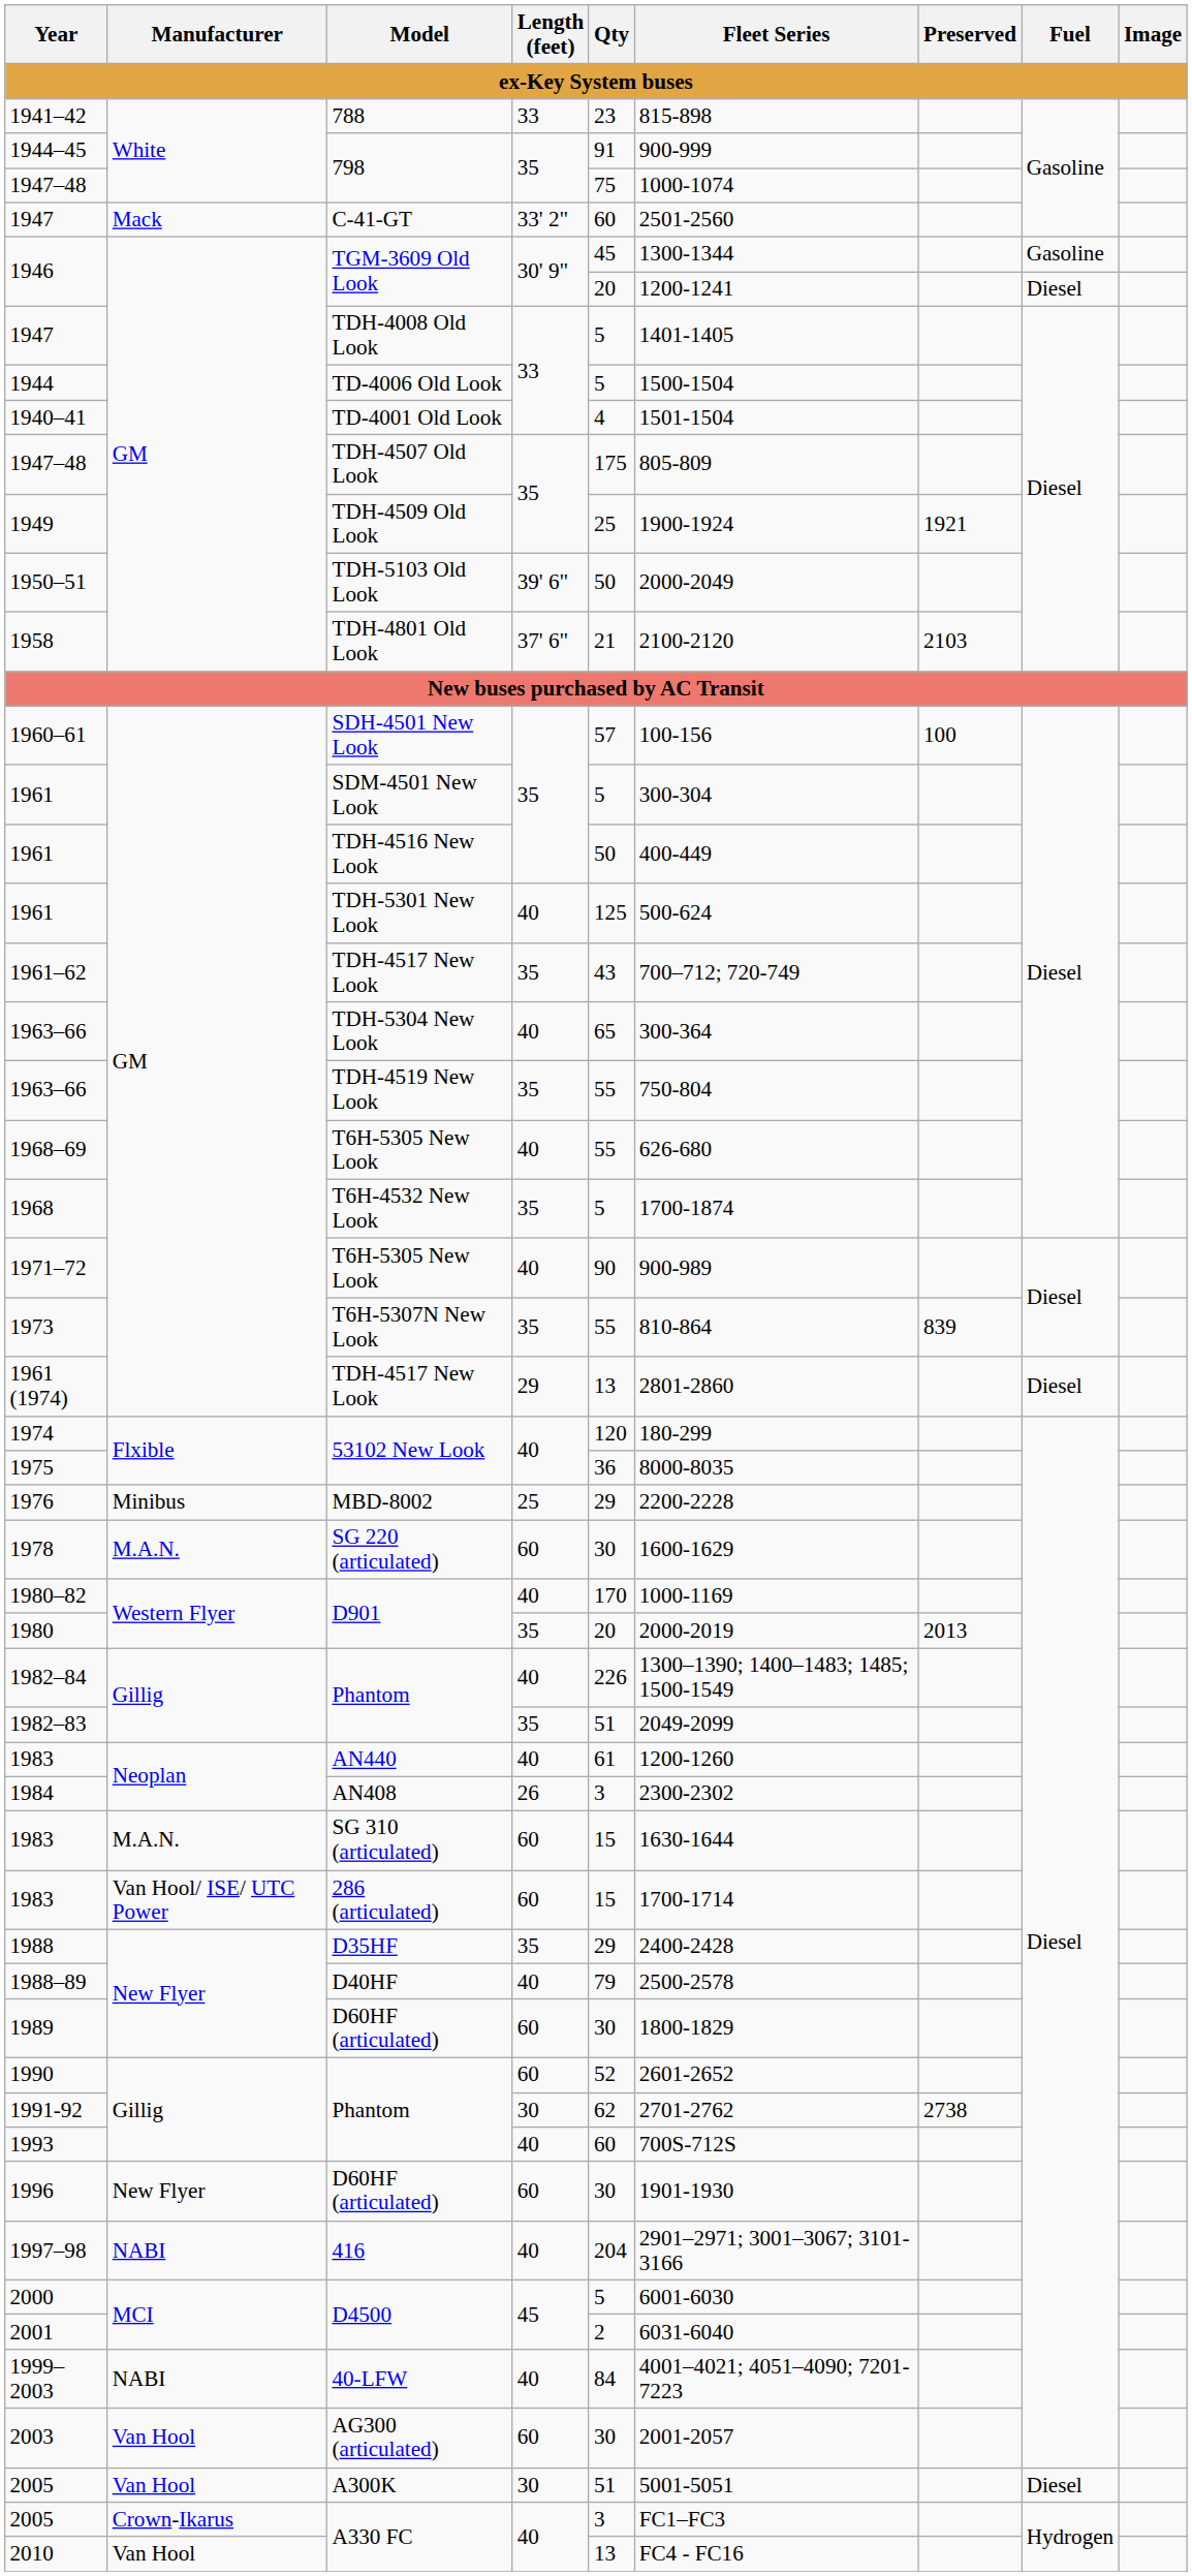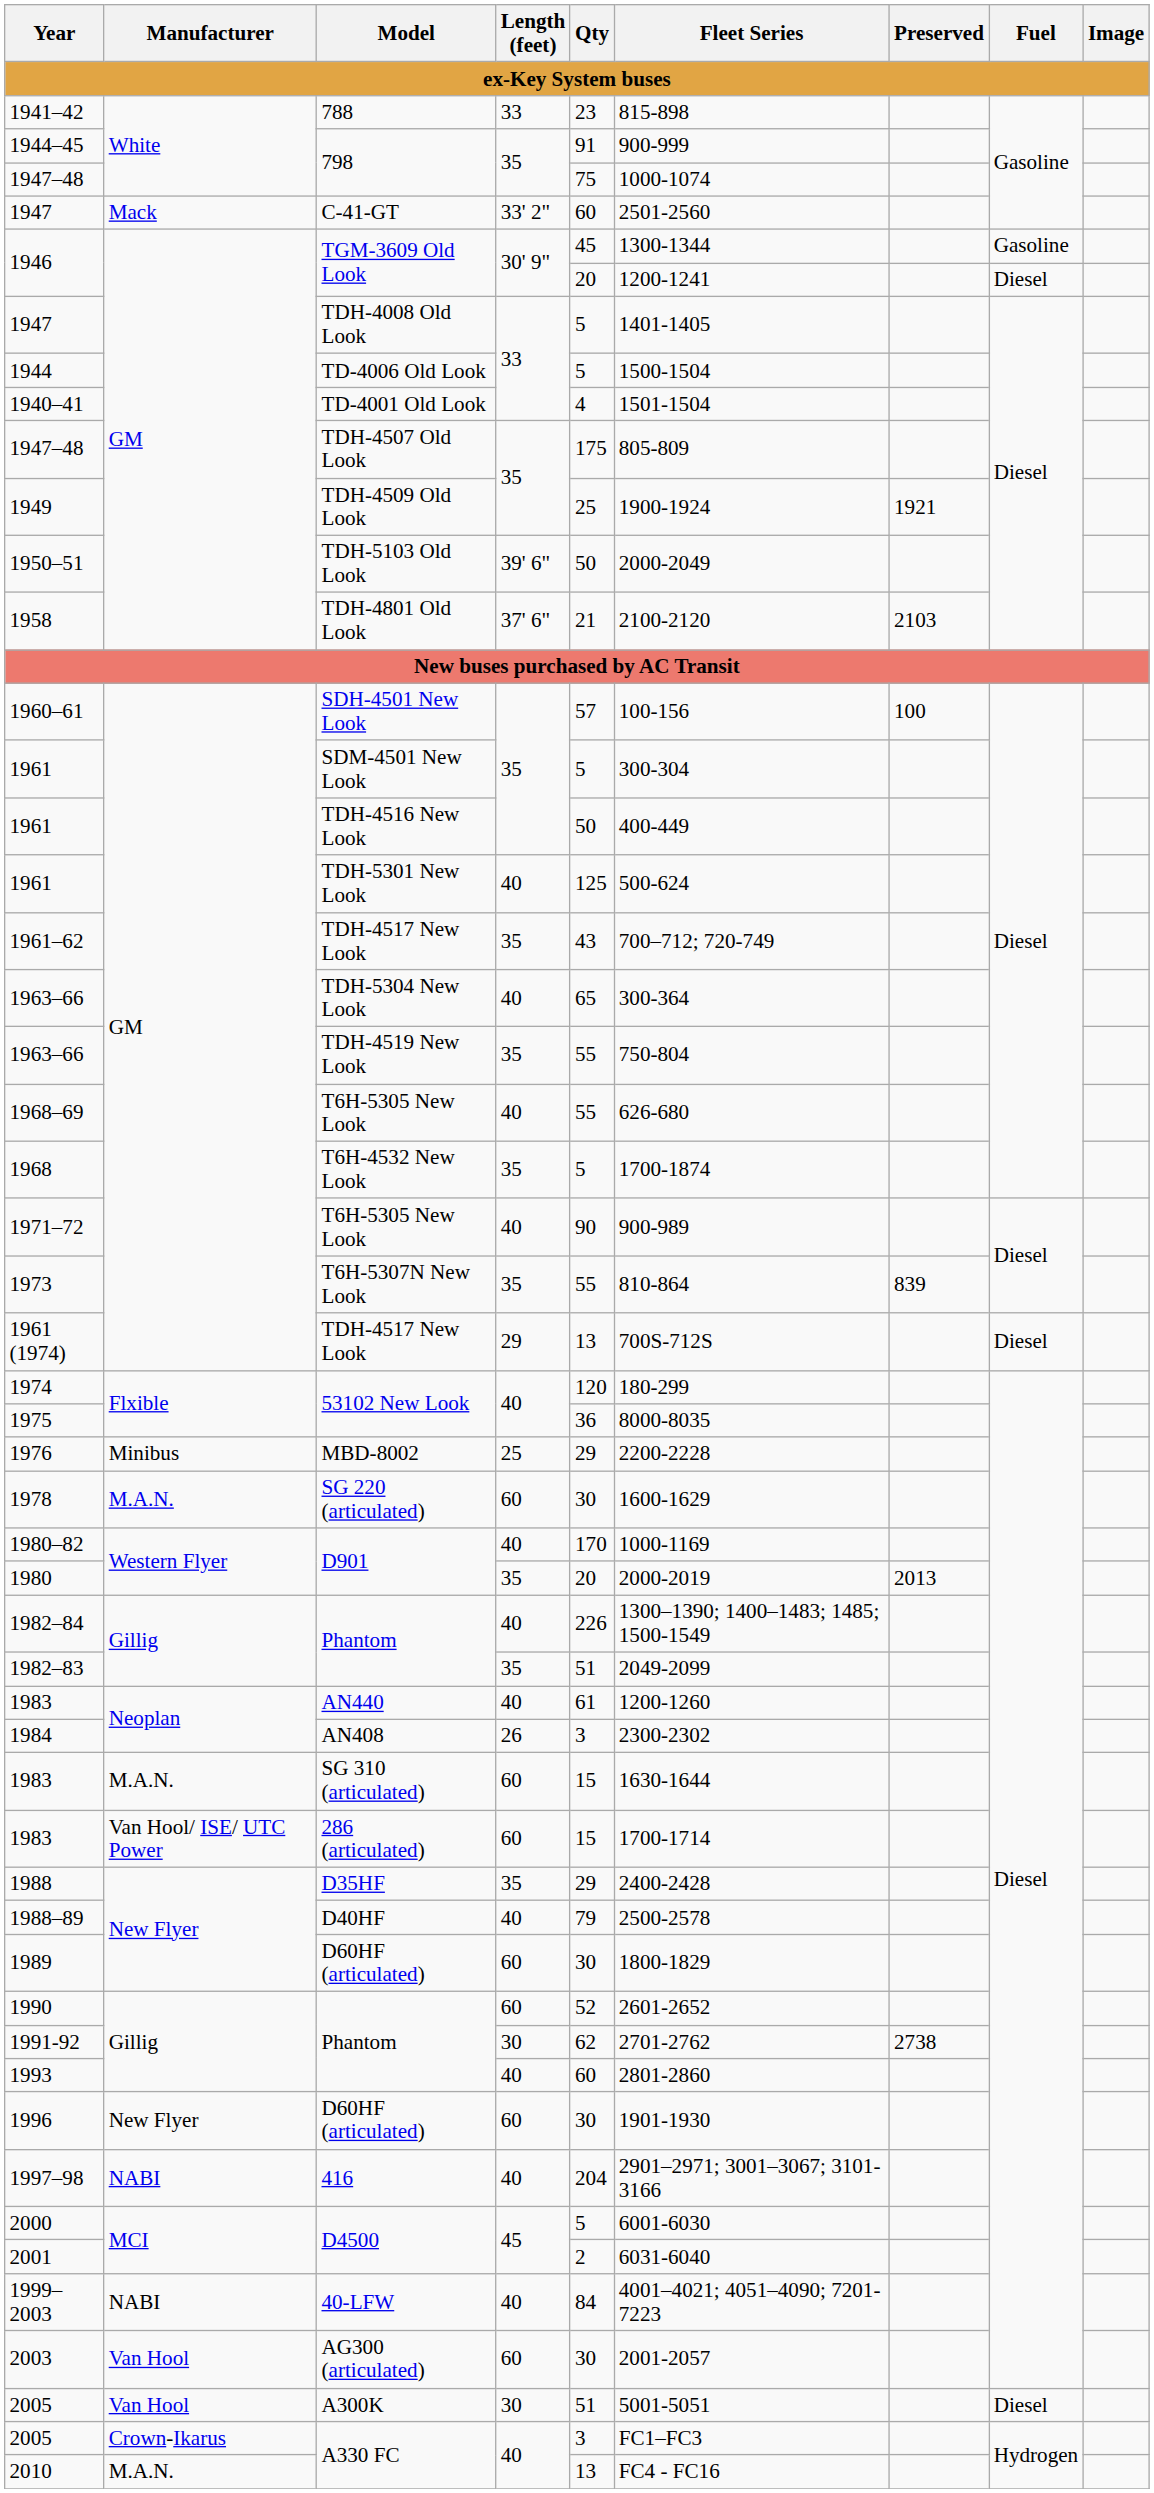 <table class= "wikitable sortable">
 <tr>
 <th>Year</th>
 <th>Manufacturer</th>
 <th>Model</th>
 <th>Length<br>(feet)</th>
 <th>Qty</th>
 <th>Fleet Series</th>
 <th>Preserved</th>
 <th>Fuel</th>
 <th class="unsortable">Image</th>
 </tr>
 <tr>
 <td colspan=9 style="text-align:center;background:#e1a544;"><strong>ex-Key System buses</strong></td>
 </tr>
 <tr>
 <td>1941–42</td>
 <td rowspan=3><a href='#'>White</a></td>
 <td>788</td>
 <td>33</td>
 <td>23</td>
 <td>815-898</td>
 <td></td>
 <td rowspan=4>Gasoline</td>
 <td></td>
 </tr>
 <tr>
 <td>1944–45</td>
 <td rowspan=2>798</td>
 <td rowspan=2>35</td>
 <td>91</td>
 <td>900-999</td>
 <td></td>
 <td></td>
 </tr>
 <tr>
 <td>1947–48</td>
 <td>75</td>
 <td>1000-1074</td>
 <td></td>
 <td></td>
 </tr>
 <tr>
 <td>1947</td>
 <td><a href='#'>Mack</a></td>
 <td>C-41-GT</td>
 <td>33' 2"</td>
 <td>60</td>
 <td>2501-2560</td>
 <td></td>
 <td></td>
 </tr>
 <tr>
 <td rowspan=2>1946</td>
 <td rowspan=9><a href='#'>GM</a></td>
 <td rowspan=2><a href='#'>TGM-3609 Old Look</a></td>
 <td rowspan=2>30' 9"</td>
 <td>45</td>
 <td>1300-1344</td>
 <td></td>
 <td>Gasoline</td>
 <td></td>
 </tr>
 <tr>
 <td>20</td>
 <td>1200-1241</td>
 <td></td>
 <td>Diesel</td>
 <td></td>
 </tr>
 <tr>
 <td>1947</td>
 <td>TDH-4008 Old Look</td>
 <td rowspan=3>33</td>
 <td>5</td>
 <td>1401-1405</td>
 <td></td>
 <td rowspan=7>Diesel</td>
 <td></td>
 </tr>
 <tr>
 <td>1944</td>
 <td>TD-4006 Old Look</td>
 <td>5</td>
 <td>1500-1504</td>
 <td></td>
 <td></td>
 </tr>
 <tr>
 <td>1940–41</td>
 <td>TD-4001 Old Look</td>
 <td>4</td>
 <td>1501-1504</td>
 <td></td>
 <td></td>
 </tr>
 <tr>
 <td>1947–48</td>
 <td>TDH-4507 Old Look</td>
 <td rowspan=2>35</td>
 <td>175</td>
 <td>805-809</td>
 <td></td>
 <td></td>
 </tr>
 <tr>
 <td>1949</td>
 <td>TDH-4509 Old Look</td>
 <td>25</td>
 <td>1900-1924</td>
 <td>1921</td>
 <td></td>
 </tr>
 <tr>
 <td>1950–51</td>
 <td>TDH-5103 Old Look</td>
 <td>39' 6"</td>
 <td>50</td>
 <td>2000-2049</td>
 <td></td>
 <td></td>
 </tr>
 <tr>
 <td>1958</td>
 <td>TDH-4801 Old Look</td>
 <td>37' 6"</td>
 <td>21</td>
 <td>2100-2120</td>
 <td>2103</td>
 <td></td>
 </tr>
 <tr>
 <td colspan=9 style="text-align:center;background:#ed796e;"><strong>New buses purchased by AC Transit</strong></td>
 </tr>
 <tr>
 <td>1960–61</td>
 <td rowspan=12>GM</td>
 <td><a href='#'>SDH-4501 New Look</a></td>
 <td rowspan=3>35</td>
 <td>57</td>
 <td>100-156</td>
 <td>100</td>
 <td rowspan=9>Diesel</td>
 <td></td>
 </tr>
 <tr>
 <td>1961</td>
 <td>SDM-4501 New Look</td>
 <td>5</td>
 <td>300-304</td>
 <td></td>
 <td></td>
 </tr>
 <tr>
 <td>1961</td>
 <td>TDH-4516 New Look</td>
 <td>50</td>
 <td>400-449</td>
 <td></td>
 <td></td>
 </tr>
 <tr>
 <td>1961</td>
 <td>TDH-5301 New Look</td>
 <td>40</td>
 <td>125</td>
 <td>500-624</td>
 <td></td>
 <td></td>
 </tr>
 <tr>
 <td>1961–62</td>
 <td>TDH-4517 New Look</td>
 <td>35</td>
 <td>43</td>
 <td>700–712; 720-749</td>
 <td></td>
 <td></td>
 </tr>
 <tr>
 <td>1963–66</td>
 <td>TDH-5304 New Look</td>
 <td>40</td>
 <td>65</td>
 <td>300-364</td>
 <td></td>
 <td></td>
 </tr>
 <tr>
 <td>1963–66</td>
 <td>TDH-4519 New Look</td>
 <td>35</td>
 <td>55</td>
 <td>750-804</td>
 <td></td>
 <td></td>
 </tr>
 <tr>
 <td>1968–69</td>
 <td>T6H-5305 New Look</td>
 <td>40</td>
 <td>55</td>
 <td>626-680</td>
 <td></td>
 <td></td>
 </tr>
 <tr>
 <td>1968</td>
 <td>T6H-4532 New Look</td>
 <td>35</td>
 <td>5</td>
 <td>1700-1874</td>
 <td></td>
 <td></td>
 </tr>
 <tr>
 <td>1971–72</td>
 <td>T6H-5305 New Look</td>
 <td>40</td>
 <td>90</td>
 <td>900-989</td>
 <td></td>
 <td rowspan=2>Diesel</td>
 <td></td>
 </tr>
 <tr>
 <td>1973</td>
 <td>T6H-5307N New Look</td>
 <td>35</td>
 <td>55</td>
 <td>810-864</td>
 <td>839</td>
 <td></td>
 </tr>
 <tr>
 <td>1961 (1974)</td>
 <td>TDH-4517 New Look</td>
 <td>29</td>
 <td>13</td>
-<td>2801-2860</td>
+<td>700S-712S</td>
 <td></td>
 <td>Diesel</td>
 <td></td>
 </tr>
 <tr>
 <td>1974</td>
 <td rowspan=2><a href='#'>Flxible</a></td>
 <td rowspan=2><a href='#'>53102 New Look</a></td>
 <td rowspan=2>40</td>
 <td>120</td>
 <td>180-299</td>
 <td></td>
 <td rowspan=24>Diesel</td>
 <td></td>
 </tr>
 <tr>
 <td>1975</td>
 <td>36</td>
 <td>8000-8035</td>
 <td></td>
 <td></td>
 </tr>
 <tr>
 <td>1976</td>
 <td>Minibus</td>
 <td>MBD-8002</td>
 <td>25</td>
 <td>29</td>
 <td>2200-2228</td>
 <td></td>
 <td></td>
 </tr>
 <tr>
 <td>1978</td>
 <td><a href='#'>M.A.N.</a></td>
 <td><a href='#'>SG 220</a><br>(<a href='#'>articulated</a>)</td>
 <td>60</td>
 <td>30</td>
 <td>1600-1629</td>
 <td></td>
 <td></td>
 </tr>
 <tr>
 <td>1980–82</td>
 <td rowspan=2><a href='#'>Western Flyer</a></td>
 <td rowspan=2><a href='#'>D901</a></td>
 <td>40</td>
 <td>170</td>
 <td>1000-1169</td>
 <td></td>
 <td></td>
 </tr>
 <tr>
 <td>1980</td>
 <td>35</td>
 <td>20</td>
 <td>2000-2019</td>
 <td>2013</td>
 <td></td>
 </tr>
 <tr>
 <td>1982–84</td>
 <td rowspan=2><a href='#'>Gillig</a></td>
 <td rowspan=2><a href='#'>Phantom</a></td>
 <td>40</td>
 <td>226</td>
 <td>1300–1390; 1400–1483; 1485; 1500-1549</td>
 <td></td>
 <td></td>
 </tr>
 <tr>
 <td>1982–83</td>
 <td>35</td>
 <td>51</td>
 <td>2049-2099</td>
 <td></td>
 <td></td>
 </tr>
 <tr>
 <td>1983</td>
 <td rowspan=2><a href='#'>Neoplan</a></td>
 <td><a href='#'>AN440</a></td>
 <td>40</td>
 <td>61</td>
 <td>1200-1260</td>
 <td></td>
 <td></td>
 </tr>
 <tr>
 <td>1984</td>
 <td>AN408</td>
 <td>26</td>
 <td>3</td>
 <td>2300-2302</td>
 <td></td>
 <td></td>
 </tr>
 <tr>
 <td>1983</td>
 <td>M.A.N.</td>
 <td>SG 310<br>(<a href='#'>articulated</a>)</td>
 <td>60</td>
 <td>15</td>
 <td>1630-1644</td>
 <td></td>
 <td></td>
 </tr>
 <tr>
 <td>1983</td>
 <td>Van Hool/ <a href='#'>ISE</a>/ <a href='#'>UTC Power</a></td>
 <td><a href='#'>286</a><br>(<a href='#'>articulated</a>)</td>
 <td>60</td>
 <td>15</td>
 <td>1700-1714</td>
 <td></td>
 <td></td>
 </tr>
 <tr>
 <td>1988</td>
 <td rowspan=3><a href='#'>New Flyer</a></td>
 <td><a href='#'>D35HF</a></td>
 <td>35</td>
 <td>29</td>
 <td>2400-2428</td>
 <td></td>
 <td></td>
 </tr>
 <tr>
 <td>1988–89</td>
 <td>D40HF</td>
 <td>40</td>
 <td>79</td>
 <td>2500-2578</td>
 <td></td>
 <td></td>
 </tr>
 <tr>
 <td>1989</td>
 <td>D60HF<br>(<a href='#'>articulated</a>)</td>
 <td>60</td>
 <td>30</td>
 <td>1800-1829</td>
 <td></td>
 <td></td>
 </tr>
 <tr>
 <td>1990</td>
 <td rowspan=3>Gillig</td>
 <td rowspan=3>Phantom</td>
 <td>60</td>
 <td>52</td>
 <td>2601-2652</td>
 <td></td>
 <td></td>
 </tr>
 <tr>
 <td>1991-92</td>
 <td>30</td>
 <td>62</td>
 <td>2701-2762</td>
 <td>2738</td>
 <td></td>
 </tr>
 <tr>
 <td>1993</td>
 <td>40</td>
 <td>60</td>
-<td>700S-712S</td>
+<td>2801-2860</td>
 <td></td>
 <td></td>
 </tr>
 <tr>
 <td>1996</td>
 <td>New Flyer</td>
 <td>D60HF<br>(<a href='#'>articulated</a>)</td>
 <td>60</td>
 <td>30</td>
 <td>1901-1930</td>
 <td></td>
 <td></td>
 </tr>
 <tr>
 <td>1997–98</td>
 <td><a href='#'>NABI</a></td>
 <td><a href='#'>416</a></td>
 <td>40</td>
 <td>204</td>
 <td>2901–2971; 3001–3067; 3101-3166</td>
 <td></td>
 <td></td>
 </tr>
 <tr>
 <td>2000</td>
 <td rowspan=2><a href='#'>MCI</a></td>
 <td rowspan=2><a href='#'>D4500</a></td>
 <td rowspan=2>45</td>
 <td>5</td>
 <td>6001-6030</td>
 <td></td>
 <td></td>
 </tr>
 <tr>
 <td>2001</td>
 <td>2</td>
 <td>6031-6040</td>
 <td></td>
 <td></td>
 </tr>
 <tr>
 <td>1999–2003</td>
 <td>NABI</td>
 <td><a href='#'>40-LFW</a></td>
 <td>40</td>
 <td>84</td>
 <td>4001–4021; 4051–4090; 7201-7223</td>
 <td></td>
 <td></td>
 </tr>
 <tr>
 <td>2003</td>
 <td><a href='#'>Van Hool</a></td>
 <td>AG300<br>(<a href='#'>articulated</a>)</td>
 <td>60</td>
 <td>30</td>
 <td>2001-2057</td>
 <td></td>
 <td></td>
 </tr>
 <tr>
 <td>2005</td>
 <td><a href='#'>Van Hool</a></td>
 <td>A300K</td>
 <td>30</td>
 <td>51</td>
 <td>5001-5051</td>
 <td></td>
 <td>Diesel</td>
 <td></td>
 </tr>
 <tr>
 <td>2005</td>
 <td><a href='#'>Crown</a>-<a href='#'>Ikarus</a></td>
 <td rowspan="2">A330 FC</td>
 <td rowspan="2">40</td>
 <td>3</td>
 <td>FC1–FC3</td>
 <td></td>
 <td rowspan="2">Hydrogen</td>
 <td></td>
 </tr>
 <tr>
 <td>2010</td>
-<td>Van Hool</td>
+<td>M.A.N.</td>
 <td>13</td>
 <td>FC4 - FC16</td>
 <td></td>
 <td></td>
 </tr>
 </table>
